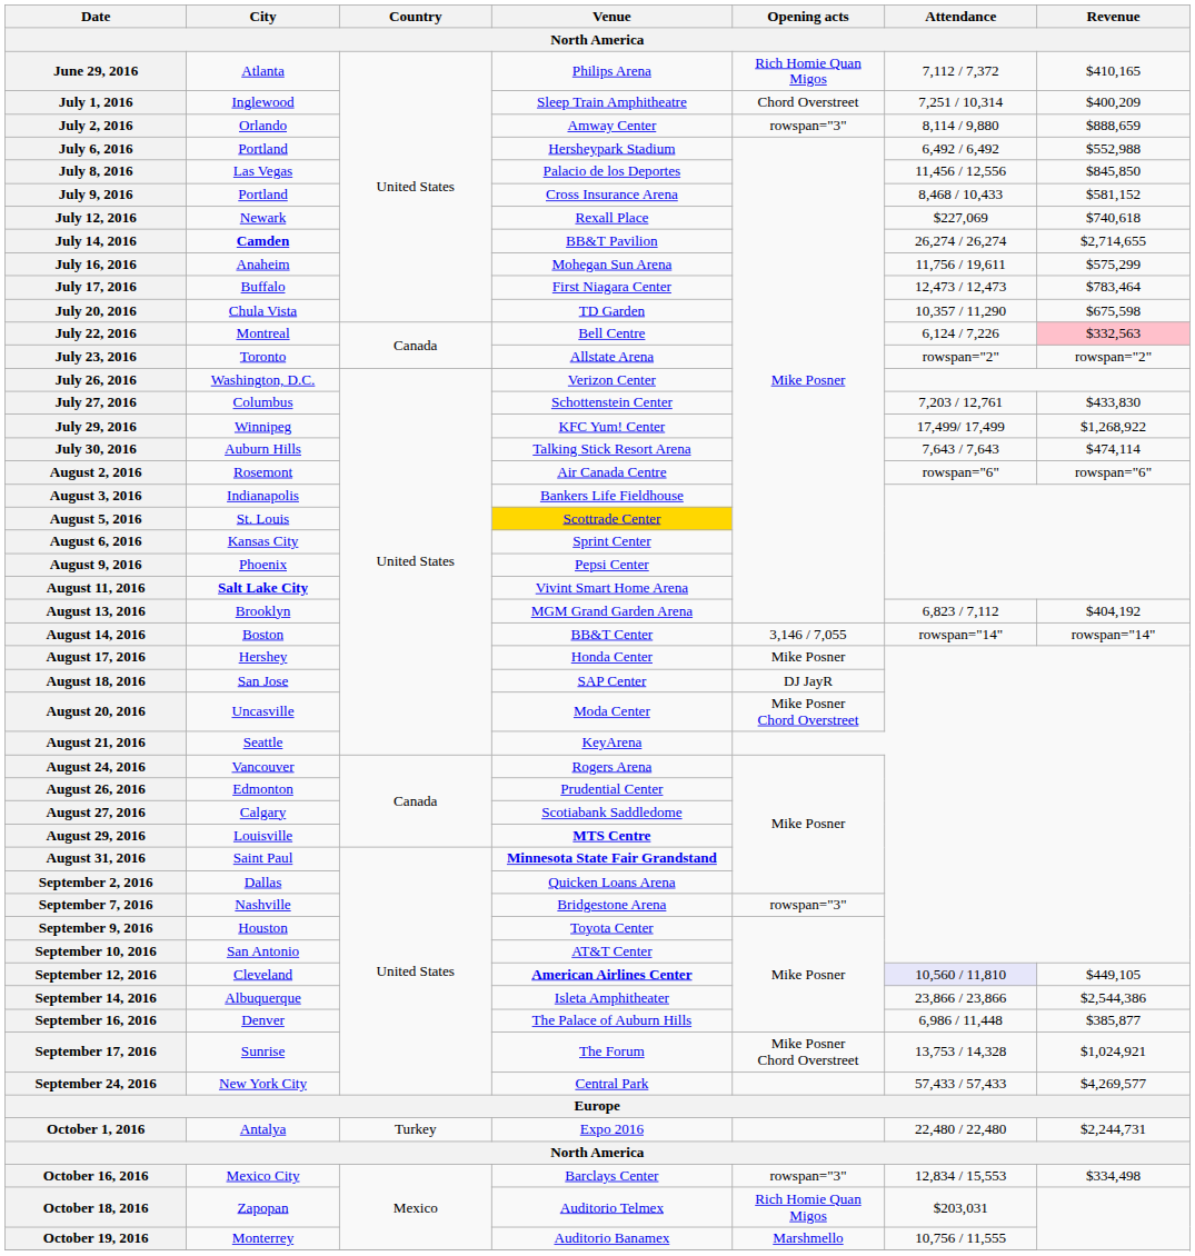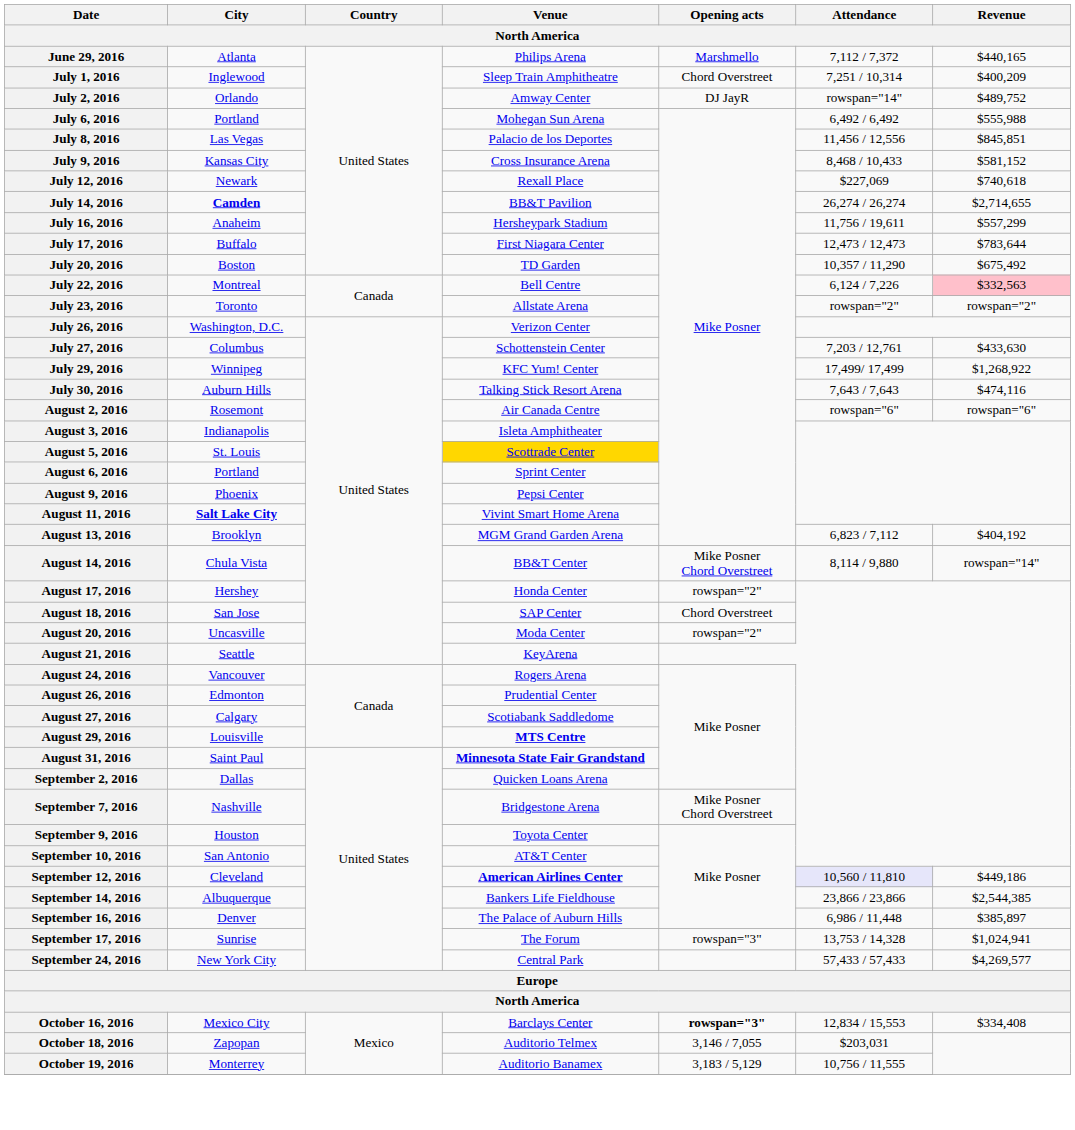 <table class="wikitable plainrowheaders" style="text-align:center;">
 <tr>
 <th scope="col" style="width:12em;">Date</th>
 <th scope="col" style="width:10em;">City</th>
 <th scope="col" style="width:10em;">Country</th>
 <th scope="col" style="width:16em;">Venue</th>
 <th scope="col" style="width:10em;">Opening acts</th>
 <th scope="col" style="width:10em;">Attendance</th>
 <th scope="col" style="width:10em;">Revenue</th>
 </tr>
 <tr>
 <th colspan="7">North America</th>
 </tr>
 <tr>
 <th scope="row" style="text-align:center;">June 29, 2016</th>
 <td><a href='#'>Atlanta</a></td>
 <td rowspan="11">United States</td>
 <td><a href='#'>Philips Arena</a></td>
-<td><a href='#'>Rich Homie Quan</a><br><a href='#'>Migos</a></td>
+<td><a href='#'>Marshmello</a></td>
 <td>7,112 / 7,372</td>
-<td>$410,165</td>
+<td>$440,165</td>
 </tr>
 <tr>
 <th scope="row" style="text-align:center;">July 1, 2016</th>
 <td><a href='#'>Inglewood</a></td>
 <td><a href='#'>Sleep Train Amphitheatre</a></td>
 <td>Chord Overstreet</td>
 <td>7,251 / 10,314</td>
 <td>$400,209</td>
 </tr>
 <tr>
 <th scope="row" style="text-align:center;">July 2, 2016</th>
 <td><a href='#'>Orlando</a></td>
 <td><a href='#'>Amway Center</a></td>
-<td>rowspan="3" </td>
-<td>8,114 / 9,880</td>
-<td>$888,659</td>
+<td>DJ JayR</td>
+<td>rowspan="14" </td>
+<td>$489,752</td>
 </tr>
 <tr>
 <th scope="row" style="text-align:center;">July 6, 2016</th>
 <td><a href='#'>Portland</a></td>
-<td><a href='#'>Hersheypark Stadium</a></td>
+<td><a href='#'>Mohegan Sun Arena</a></td>
 <td rowspan="21"><a href='#'>Mike Posner</a></td>
 <td>6,492 / 6,492</td>
-<td>$552,988</td>
+<td>$555,988</td>
 </tr>
 <tr>
 <th scope="row" style="text-align:center;">July 8, 2016</th>
 <td><a href='#'>Las Vegas</a></td>
 <td><a href='#'>Palacio de los Deportes</a></td>
 <td>11,456 / 12,556</td>
-<td>$845,850</td>
+<td>$845,851</td>
 </tr>
 <tr>
 <th scope="row" style="text-align:center;">July 9, 2016</th>
-<td><a href='#'>Portland</a></td>
+<td><a href='#'>Kansas City</a></td>
 <td><a href='#'>Cross Insurance Arena</a></td>
 <td>8,468 / 10,433</td>
 <td>$581,152</td>
 </tr>
 <tr>
 <th scope="row" style="text-align:center;">July 12, 2016</th>
 <td><a href='#'>Newark</a></td>
 <td><a href='#'>Rexall Place</a></td>
 <td>$227,069</td>
 <td>$740,618</td>
 </tr>
 <tr>
 <th scope="row" style="text-align:center;">July 14, 2016</th>
 <td><strong><a href='#'>Camden</a></strong></td>
 <td><a href='#'>BB&T Pavilion</a></td>
 <td>26,274 / 26,274</td>
 <td>$2,714,655</td>
 </tr>
 <tr>
 <th scope="row" style="text-align:center;">July 16, 2016</th>
 <td><a href='#'>Anaheim</a></td>
-<td><a href='#'>Mohegan Sun Arena</a></td>
+<td><a href='#'>Hersheypark Stadium</a></td>
 <td>11,756 / 19,611</td>
-<td>$575,299</td>
+<td>$557,299</td>
 </tr>
 <tr>
 <th scope="row" style="text-align:center;">July 17, 2016</th>
 <td><a href='#'>Buffalo</a></td>
 <td><a href='#'>First Niagara Center</a></td>
 <td>12,473 / 12,473</td>
-<td>$783,464</td>
+<td>$783,644</td>
 </tr>
 <tr>
 <th scope="row" style="text-align:center;">July 20, 2016</th>
-<td><a href='#'>Chula Vista</a></td>
+<td><a href='#'>Boston</a></td>
 <td><a href='#'>TD Garden</a></td>
 <td>10,357 / 11,290</td>
-<td>$675,598</td>
+<td>$675,492</td>
 </tr>
 <tr>
 <th scope="row" style="text-align:center;">July 22, 2016</th>
 <td><a href='#'>Montreal</a></td>
 <td rowspan="2">Canada</td>
 <td><a href='#'>Bell Centre</a></td>
 <td>6,124 / 7,226</td>
 <td style="background: pink;">$332,563</td>
 </tr>
 <tr>
 <th scope="row" style="text-align:center;">July 23, 2016</th>
 <td><a href='#'>Toronto</a></td>
 <td><a href='#'>Allstate Arena</a></td>
 <td>rowspan="2" </td>
 <td>rowspan="2" </td>
 </tr>
 <tr>
 <th scope="row" style="text-align:center;">July 26, 2016</th>
 <td><a href='#'>Washington, D.C.</a></td>
 <td rowspan="16">United States</td>
 <td><a href='#'>Verizon Center</a></td>
 </tr>
 <tr>
 <th scope="row" style="text-align:center;">July 27, 2016</th>
 <td><a href='#'>Columbus</a></td>
 <td><a href='#'>Schottenstein Center</a></td>
 <td>7,203 / 12,761</td>
-<td>$433,830</td>
+<td>$433,630</td>
 </tr>
 <tr>
 <th scope="row" style="text-align:center;">July 29, 2016</th>
 <td><a href='#'>Winnipeg</a></td>
 <td><a href='#'>KFC Yum! Center</a></td>
 <td>17,499/ 17,499</td>
 <td>$1,268,922</td>
 </tr>
 <tr>
 <th scope="row" style="text-align:center;">July 30, 2016</th>
 <td><a href='#'>Auburn Hills</a></td>
 <td><a href='#'>Talking Stick Resort Arena</a></td>
 <td>7,643 / 7,643</td>
-<td>$474,114</td>
+<td>$474,116</td>
 </tr>
 <tr>
 <th scope="row" style="text-align:center;">August 2, 2016</th>
 <td><a href='#'>Rosemont</a></td>
 <td><a href='#'>Air Canada Centre</a></td>
 <td>rowspan="6" </td>
 <td>rowspan="6" </td>
 </tr>
 <tr>
 <th scope="row" style="text-align:center;">August 3, 2016</th>
 <td><a href='#'>Indianapolis</a></td>
-<td><a href='#'>Bankers Life Fieldhouse</a></td>
+<td><a href='#'>Isleta Amphitheater</a></td>
 </tr>
 <tr>
 <th scope="row" style="text-align:center;">August 5, 2016</th>
 <td><a href='#'>St. Louis</a></td>
 <td style="background: gold;"><a href='#'>Scottrade Center</a></td>
 </tr>
 <tr>
 <th scope="row" style="text-align:center;">August 6, 2016</th>
-<td><a href='#'>Kansas City</a></td>
+<td><a href='#'>Portland</a></td>
 <td><a href='#'>Sprint Center</a></td>
 </tr>
 <tr>
 <th scope="row" style="text-align:center;">August 9, 2016</th>
 <td><a href='#'>Phoenix</a></td>
 <td><a href='#'>Pepsi Center</a></td>
 </tr>
 <tr>
 <th scope="row" style="text-align:center;">August 11, 2016</th>
 <td><strong><a href='#'>Salt Lake City</a></strong></td>
 <td><a href='#'>Vivint Smart Home Arena</a></td>
 </tr>
 <tr>
 <th scope="row" style="text-align:center;">August 13, 2016</th>
 <td><a href='#'>Brooklyn</a></td>
 <td><a href='#'>MGM Grand Garden Arena</a></td>
 <td>6,823 / 7,112</td>
 <td>$404,192</td>
 </tr>
 <tr>
 <th scope="row" style="text-align:center;">August 14, 2016</th>
-<td><a href='#'>Boston</a></td>
+<td><a href='#'>Chula Vista</a></td>
 <td><a href='#'>BB&T Center</a></td>
-<td>3,146 / 7,055</td>
-<td>rowspan="14" </td>
+<td>Mike Posner<br><a href='#'>Chord Overstreet</a></td>
+<td>8,114 / 9,880</td>
 <td>rowspan="14" </td>
 </tr>
 <tr>
 <th scope="row" style="text-align:center;">August 17, 2016</th>
 <td><a href='#'>Hershey</a></td>
 <td><a href='#'>Honda Center</a></td>
-<td>Mike Posner</td>
+<td>rowspan="2" </td>
 </tr>
 <tr>
 <th scope="row" style="text-align:center;">August 18, 2016</th>
 <td><a href='#'>San Jose</a></td>
 <td><a href='#'>SAP Center</a></td>
-<td>DJ JayR</td>
+<td>Chord Overstreet</td>
 </tr>
 <tr>
 <th scope="row" style="text-align:center;">August 20, 2016</th>
 <td><a href='#'>Uncasville</a></td>
 <td><a href='#'>Moda Center</a></td>
-<td>Mike Posner<br><a href='#'>Chord Overstreet</a></td>
+<td>rowspan="2" </td>
 </tr>
 <tr>
 <th scope="row" style="text-align:center;">August 21, 2016</th>
 <td><a href='#'>Seattle</a></td>
 <td><a href='#'>KeyArena</a></td>
 </tr>
 <tr>
 <th scope="row" style="text-align:center;">August 24, 2016</th>
 <td><a href='#'>Vancouver</a></td>
 <td rowspan="4">Canada</td>
 <td><a href='#'>Rogers Arena</a></td>
 <td rowspan="6">Mike Posner</td>
 </tr>
 <tr>
 <th scope="row" style="text-align:center;">August 26, 2016</th>
 <td><a href='#'>Edmonton</a></td>
 <td><a href='#'>Prudential Center</a></td>
 </tr>
 <tr>
 <th scope="row" style="text-align:center;">August 27, 2016</th>
 <td><a href='#'>Calgary</a></td>
 <td><a href='#'>Scotiabank Saddledome</a></td>
 </tr>
 <tr>
 <th scope="row" style="text-align:center;">August 29, 2016</th>
 <td><a href='#'>Louisville</a></td>
 <td><strong><a href='#'>MTS Centre</a></strong></td>
 </tr>
 <tr>
 <th scope="row" style="text-align:center;">August 31, 2016</th>
 <td><a href='#'>Saint Paul</a></td>
 <td rowspan="10">United States</td>
 <td><strong><a href='#'>Minnesota State Fair Grandstand</a></strong></td>
 </tr>
 <tr>
 <th scope="row" style="text-align:center;">September 2, 2016</th>
 <td><a href='#'>Dallas</a></td>
 <td><a href='#'>Quicken Loans Arena</a></td>
 </tr>
 <tr>
 <th scope="row" style="text-align:center;">September 7, 2016</th>
 <td><a href='#'>Nashville</a></td>
 <td><a href='#'>Bridgestone Arena</a></td>
-<td>rowspan="3" </td>
+<td>Mike Posner<br>Chord Overstreet</td>
 </tr>
 <tr>
 <th scope="row" style="text-align:center;">September 9, 2016</th>
 <td><a href='#'>Houston</a></td>
 <td><a href='#'>Toyota Center</a></td>
 <td rowspan="5">Mike Posner</td>
 </tr>
 <tr>
 <th scope="row" style="text-align:center;">September 10, 2016</th>
 <td><a href='#'>San Antonio</a></td>
 <td><a href='#'>AT&T Center</a></td>
 </tr>
 <tr>
 <th scope="row" style="text-align:center;">September 12, 2016</th>
 <td><a href='#'>Cleveland</a></td>
 <td><strong><a href='#'>American Airlines Center</a></strong></td>
 <td style="background: lavender;">10,560 / 11,810</td>
-<td>$449,105</td>
+<td>$449,186</td>
 </tr>
 <tr>
 <th scope="row" style="text-align:center;">September 14, 2016</th>
 <td><a href='#'>Albuquerque</a></td>
-<td><a href='#'>Isleta Amphitheater</a></td>
+<td><a href='#'>Bankers Life Fieldhouse</a></td>
 <td>23,866 / 23,866</td>
-<td>$2,544,386</td>
+<td>$2,544,385</td>
 </tr>
 <tr>
 <th scope="row" style="text-align:center;">September 16, 2016</th>
 <td><a href='#'>Denver</a></td>
 <td><a href='#'>The Palace of Auburn Hills</a></td>
 <td>6,986 / 11,448</td>
-<td>$385,877</td>
+<td>$385,897</td>
 </tr>
 <tr>
 <th scope="row" style="text-align:center;">September 17, 2016</th>
 <td><a href='#'>Sunrise</a></td>
 <td><a href='#'>The Forum</a></td>
-<td>Mike Posner<br>Chord Overstreet</td>
+<td>rowspan="3" </td>
 <td>13,753 / 14,328</td>
-<td>$1,024,921</td>
+<td>$1,024,941</td>
 </tr>
 <tr>
 <th scope="row" style="text-align:center;">September 24, 2016</th>
 <td><a href='#'>New York City</a></td>
 <td><a href='#'>Central Park</a></td>
 <td></td>
 <td>57,433 / 57,433</td>
 <td>$4,269,577</td>
 </tr>
 <tr>
 <th colspan="7">Europe</th>
 </tr>
 <tr>
-<th scope="row" style="text-align:center;">October 1, 2016</th>
-<td><a href='#'>Antalya</a></td>
-<td>Turkey</td>
-<td><a href='#'>Expo 2016</a></td>
-<td></td>
-<td>22,480 / 22,480</td>
-<td>$2,244,731</td>
-</tr>
-<tr>
 <th colspan="7">North America</th>
 </tr>
 <tr>
 <th scope="row" style="text-align:center;">October 16, 2016</th>
 <td><a href='#'>Mexico City</a></td>
 <td rowspan="3">Mexico</td>
 <td><a href='#'>Barclays Center</a></td>
-<td>rowspan="3" </td>
+<td><strong>rowspan="3" </strong></td>
 <td>12,834 / 15,553</td>
-<td>$334,498</td>
+<td>$334,408</td>
 </tr>
 <tr>
 <th scope="row" style="text-align:center;">October 18, 2016</th>
 <td><a href='#'>Zapopan</a></td>
 <td><a href='#'>Auditorio Telmex</a></td>
-<td><a href='#'>Rich Homie Quan</a><br><a href='#'>Migos</a></td>
+<td>3,146 / 7,055</td>
 <td>$203,031</td>
 </tr>
 <tr>
 <th scope="row" style="text-align:center;">October 19, 2016</th>
 <td><a href='#'>Monterrey</a></td>
 <td><a href='#'>Auditorio Banamex</a></td>
-<td><a href='#'>Marshmello</a></td>
+<td>3,183 / 5,129</td>
 <td>10,756 / 11,555</td>
 </tr>
 <tr>
 </tr>
 </table>
